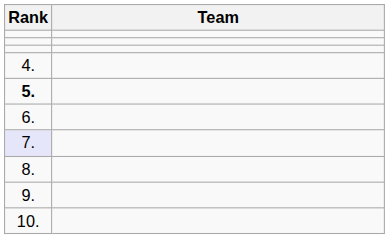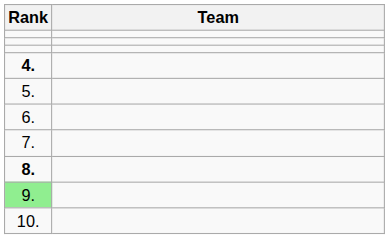 <table class="wikitable" style="font-size:95%;">
 <tr>
 <th>Rank</th>
 <th align="left" style="width: 20em">Team</th>
 </tr>
 <tr>
 <td align="center"></td>
 <td></td>
 </tr>
 <tr>
 <td align="center"></td>
 <td></td>
 </tr>
 <tr>
 <td align="center"></td>
 <td></td>
 </tr>
 <tr>
-<td rowspan=1 align="center">4.</td>
+<td rowspan=1 align="center"><strong>4.</strong></td>
 <td></td>
 </tr>
 <tr>
-<td rowspan=1 align="center"><strong>5.</strong></td>
+<td rowspan=1 align="center">5.</td>
 <td></td>
 </tr>
 <tr>
 <td rowspan=1 align="center">6.</td>
 <td></td>
 </tr>
 <tr>
-<td rowspan=1 align="center" style="background: lavender;">7.</td>
+<td rowspan=1 align="center">7.</td>
 <td></td>
 </tr>
 <tr>
-<td rowspan=1 align="center">8.</td>
+<td rowspan=1 align="center"><strong>8.</strong></td>
 <td></td>
 </tr>
 <tr>
-<td rowspan=1 align="center">9.</td>
+<td rowspan=1 align="center" style="background: lightgreen;">9.</td>
 <td></td>
 </tr>
 <tr>
 <td rowspan=1 align="center">10.</td>
 <td></td>
 </tr>
 </table>
